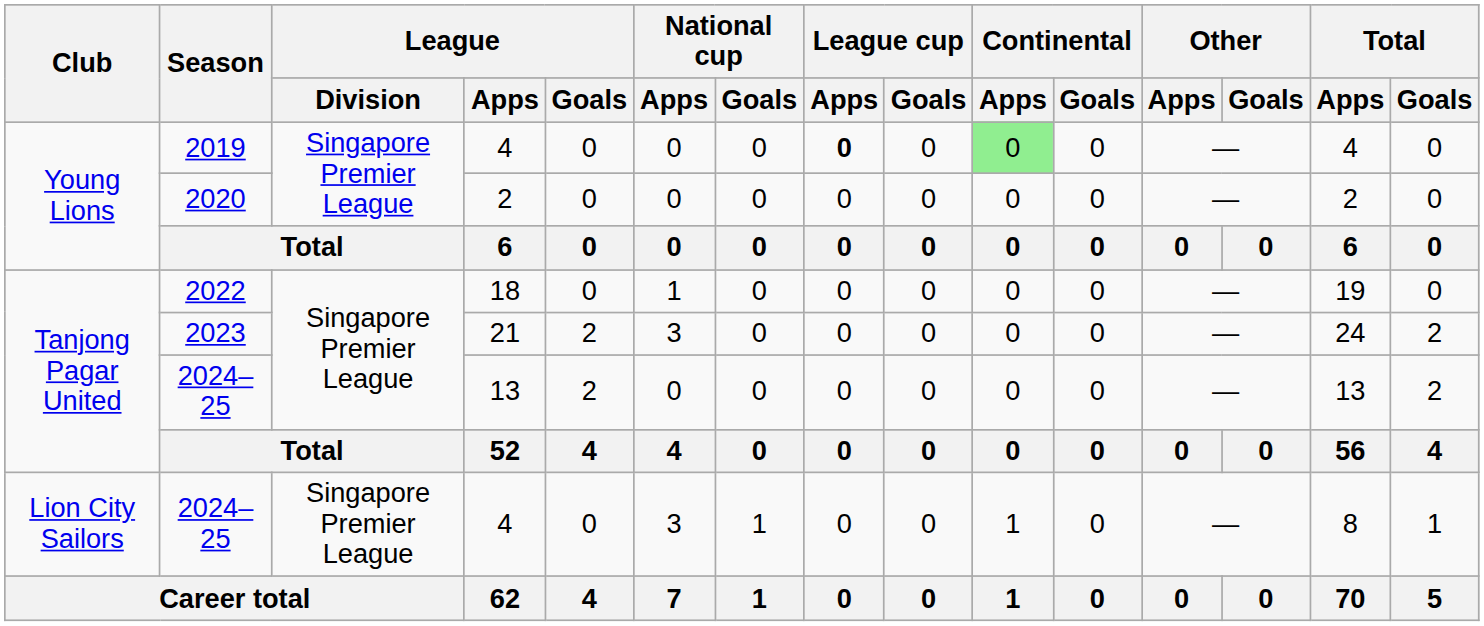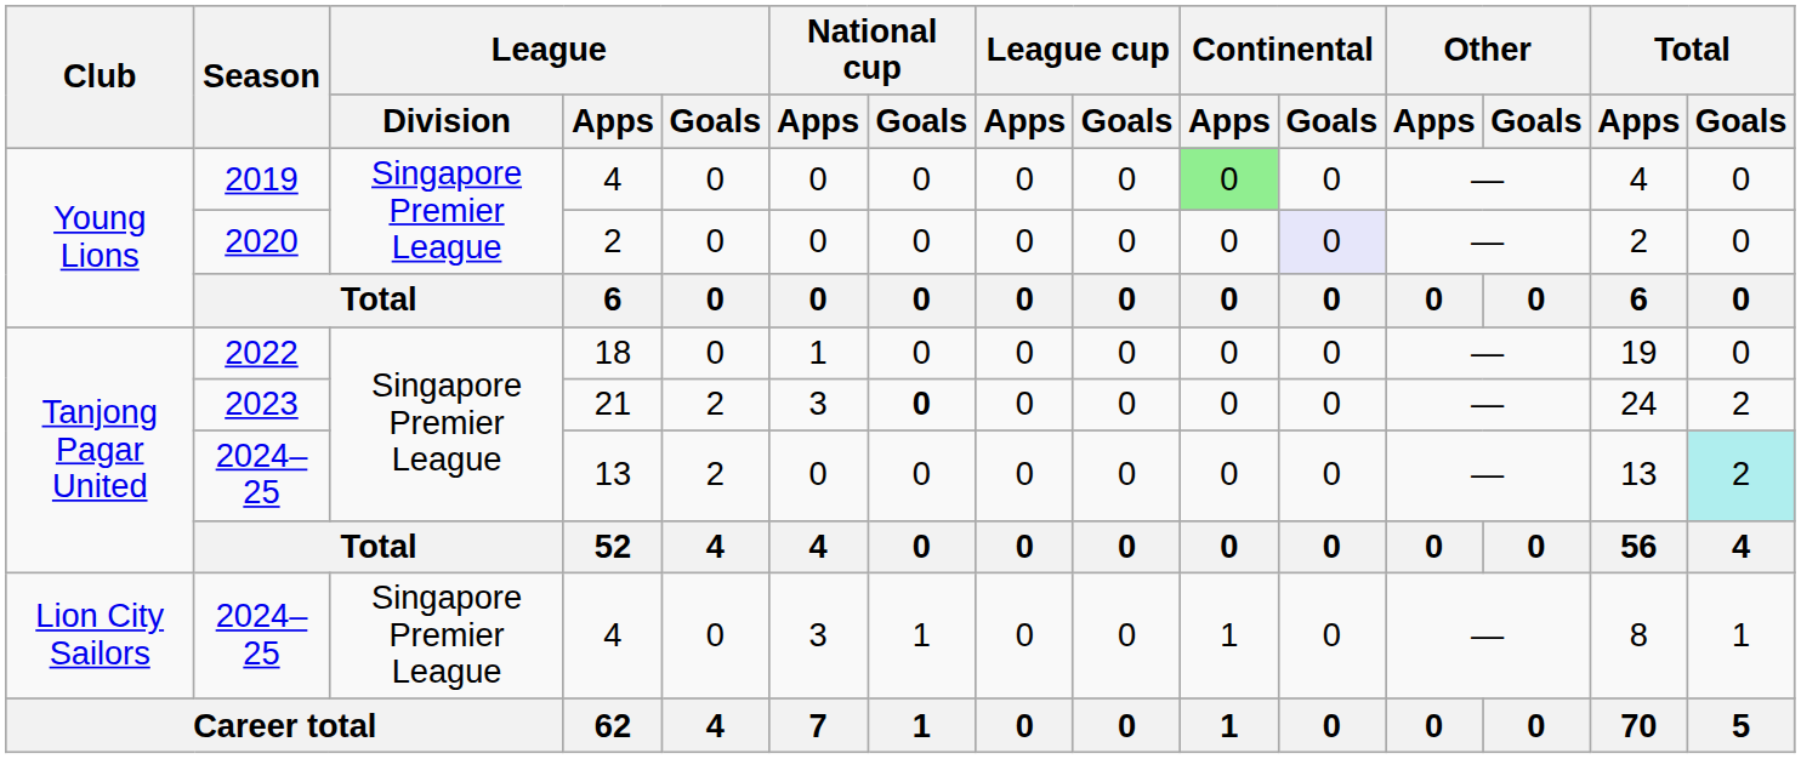 <table class="wikitable" style="text-align:center">
 <tr>
 <th rowspan="2">Club</th>
 <th rowspan="2">Season</th>
 <th colspan="3">League</th>
 <th colspan="2">National cup</th>
 <th colspan="2">League cup</th>
 <th colspan="2">Continental</th>
 <th colspan="2">Other</th>
 <th colspan="2">Total</th>
 </tr>
 <tr>
 <th>Division</th>
 <th>Apps</th>
 <th>Goals</th>
 <th>Apps</th>
 <th>Goals</th>
 <th>Apps</th>
 <th>Goals</th>
 <th>Apps</th>
 <th>Goals</th>
 <th>Apps</th>
 <th>Goals</th>
 <th>Apps</th>
 <th>Goals</th>
 </tr>
 <tr>
 <td rowspan="3"><a href='#'>Young Lions</a></td>
 <td><a href='#'>2019</a></td>
 <td rowspan="2"><a href='#'>Singapore Premier League</a></td>
 <td>4</td>
 <td>0</td>
 <td>0</td>
 <td>0</td>
-<td><strong>0</strong></td>
+<td>0</td>
 <td>0</td>
 <td style="background: lightgreen;">0</td>
 <td>0</td>
 <td colspan="2">—</td>
 <td>4</td>
 <td>0</td>
 </tr>
 <tr>
 <td><a href='#'>2020</a></td>
 <td>2</td>
 <td>0</td>
 <td>0</td>
 <td>0</td>
 <td>0</td>
 <td>0</td>
 <td>0</td>
-<td>0</td>
+<td style="background: lavender;">0</td>
 <td colspan="2">—</td>
 <td>2</td>
 <td>0</td>
 </tr>
 <tr>
 <th colspan="2">Total</th>
 <th>6</th>
 <th>0</th>
 <th>0</th>
 <th>0</th>
 <th>0</th>
 <th>0</th>
 <th>0</th>
 <th>0</th>
 <th>0</th>
 <th>0</th>
 <th>6</th>
 <th>0</th>
 </tr>
 <tr>
 <td rowspan="4"><a href='#'>Tanjong Pagar United</a></td>
 <td><a href='#'>2022</a></td>
 <td rowspan="3">Singapore Premier League</td>
 <td>18</td>
 <td>0</td>
 <td>1</td>
 <td>0</td>
 <td>0</td>
 <td>0</td>
 <td>0</td>
 <td>0</td>
 <td colspan="2">—</td>
 <td>19</td>
 <td>0</td>
 </tr>
 <tr>
 <td><a href='#'>2023</a></td>
 <td>21</td>
 <td>2</td>
 <td>3</td>
-<td>0</td>
+<td><strong>0</strong></td>
 <td>0</td>
 <td>0</td>
 <td>0</td>
 <td>0</td>
 <td colspan="2">—</td>
 <td>24</td>
 <td>2</td>
 </tr>
 <tr>
 <td><a href='#'>2024–25</a></td>
 <td>13</td>
 <td>2</td>
 <td>0</td>
 <td>0</td>
 <td>0</td>
 <td>0</td>
 <td>0</td>
 <td>0</td>
 <td colspan="2">—</td>
 <td>13</td>
-<td>2</td>
+<td style="background: paleturquoise;">2</td>
 </tr>
 <tr>
 <th colspan="2">Total</th>
 <th>52</th>
 <th>4</th>
 <th>4</th>
 <th>0</th>
 <th>0</th>
 <th>0</th>
 <th>0</th>
 <th>0</th>
 <th>0</th>
 <th>0</th>
 <th>56</th>
 <th>4</th>
 </tr>
 <tr>
 <td rowspan="1"><a href='#'>Lion City Sailors</a></td>
 <td><a href='#'>2024–25</a></td>
 <td rowspan="1">Singapore Premier League</td>
 <td>4</td>
 <td>0</td>
 <td>3</td>
 <td>1</td>
 <td>0</td>
 <td>0</td>
 <td>1</td>
 <td>0</td>
 <td colspan="2">—</td>
 <td>8</td>
 <td>1</td>
 </tr>
 <tr>
 <th colspan="3">Career total</th>
 <th>62</th>
 <th>4</th>
 <th>7</th>
 <th>1</th>
 <th>0</th>
 <th>0</th>
 <th>1</th>
 <th>0</th>
 <th>0</th>
 <th>0</th>
 <th>70</th>
 <th>5</th>
 </tr>
 </table>
